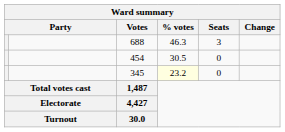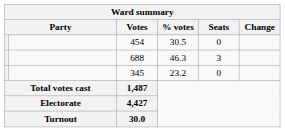 <table class="wikitable" style="font-size: 95%;">
 <tr style="background-color:#E9E9E9">
 <th colspan="6">Ward summary</th>
 </tr>
 <tr style="background-color:#E9E9E9">
 <th colspan="2">Party</th>
 <th style="width: 60px">Votes</th>
 <th style="width: 60px">% votes</th>
 <th style="width: 60px">Seats</th>
 <th style="width: 60px">Change</th>
 </tr>
 <tr>
 <th style="background-color: "></th>
 <td style="width: 170px"><a href='#'></a></td>
+<td align="center">454</td>
+<td align="center">30.5</td>
+<td align="center">0</td>
+<td align="center"></td>
+</tr>
+<tr>
+<th style="background-color: "></th>
+<td style="width: 170px"><a href='#'></a></td>
 <td align="center">688</td>
 <td align="center">46.3</td>
 <td align="center">3</td>
 <td align="center"></td>
 </tr>
 <tr>
 <th style="background-color: "></th>
 <td style="width: 170px"><a href='#'></a></td>
-<td align="center">454</td>
-<td align="center">30.5</td>
-<td align="center">0</td>
-<td align="center"></td>
-</tr>
-<tr>
-<th style="background-color: "></th>
-<td style="width: 170px"><a href='#'></a></td>
 <td align="center">345</td>
-<td align="center" style="background: lightyellow;">23.2</td>
+<td align="center">23.2</td>
 <td align="center">0</td>
 <td align="center"></td>
 </tr>
 <tr style="background-color:#E9E9E9">
 <th colspan="2">Total votes cast</th>
 <th style="width: 60px">1,487</th>
 </tr>
 <tr style="background-color:#E9E9E9">
 <th colspan="2">Electorate</th>
 <th style="width: 60px">4,427</th>
 </tr>
 <tr style="background-color:#E9E9E9">
 <th colspan="2">Turnout</th>
 <th style="width: 60px">30.0</th>
 </tr>
 </table>
